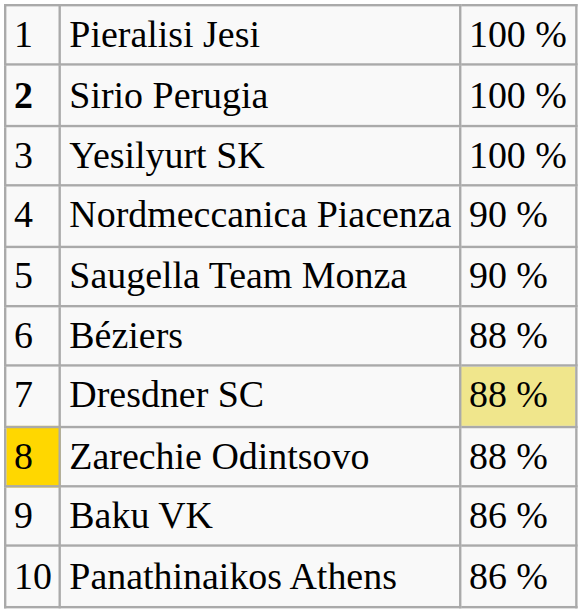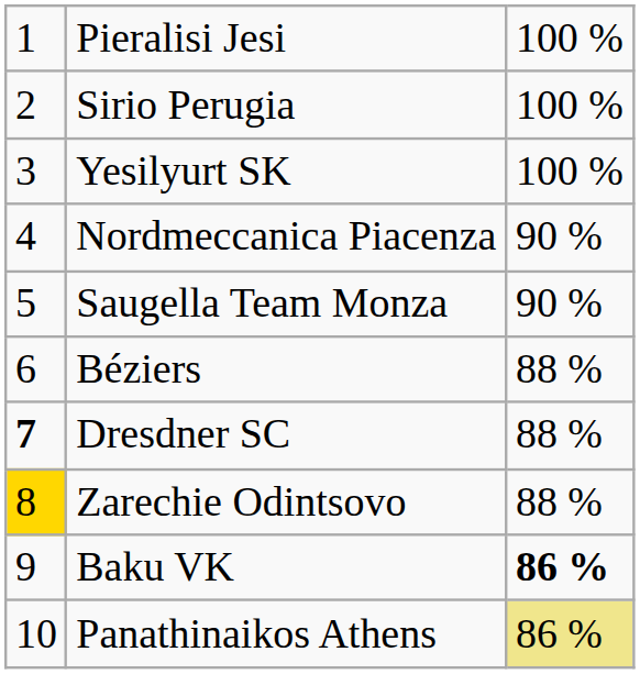 <table class="wikitable">
 <tr>
 <td>1</td>
 <td>Pieralisi Jesi</td>
 <td>100 %</td>
 </tr>
 <tr>
-<td><strong>2</strong></td>
+<td>2</td>
 <td>Sirio Perugia</td>
 <td>100 %</td>
 </tr>
 <tr>
 <td>3</td>
 <td>Yesilyurt SK</td>
 <td>100 %</td>
 </tr>
 <tr>
 <td>4</td>
 <td>Nordmeccanica Piacenza</td>
 <td>90 %</td>
 </tr>
 <tr>
 <td>5</td>
 <td>Saugella Team Monza</td>
 <td>90 %</td>
 </tr>
 <tr>
 <td>6</td>
 <td>Béziers</td>
 <td>88 %</td>
 </tr>
 <tr>
-<td>7</td>
+<td><strong>7</strong></td>
 <td>Dresdner SC</td>
-<td style="background: khaki;">88 %</td>
+<td>88 %</td>
 </tr>
 <tr>
 <td style="background: gold;">8</td>
 <td>Zarechie Odintsovo</td>
 <td>88 %</td>
 </tr>
 <tr>
 <td>9</td>
 <td>Baku VK</td>
-<td>86 %</td>
+<td><strong>86 %</strong></td>
 </tr>
 <tr>
 <td>10</td>
 <td>Panathinaikos Athens</td>
-<td>86 %</td>
+<td style="background: khaki;">86 %</td>
 </tr>
 </table>
